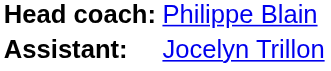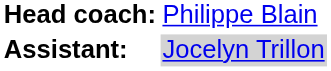 <table>
 <tr>
 <td><strong>Head coach:</strong></td>
 <td><a href='#'>Philippe Blain</a></td>
 </tr>
 <tr>
 <td><strong>Assistant:</strong></td>
-<td><a href='#'>Jocelyn Trillon</a></td>
+<td style="background: lightgrey;"><a href='#'>Jocelyn Trillon</a></td>
 </tr>
 </table>
